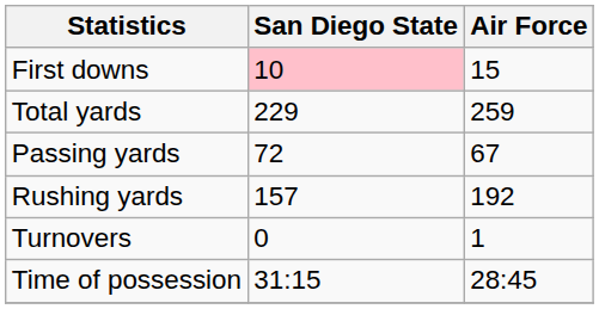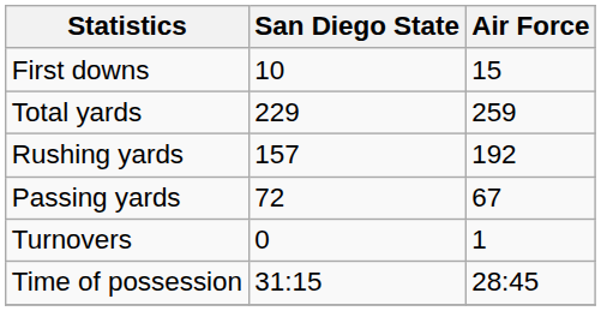 <table class="wikitable">
 <tr>
 <th>Statistics</th>
 <th>San Diego State</th>
 <th>Air Force</th>
 </tr>
 <tr>
 <td>First downs</td>
-<td style="background: pink;">10</td>
+<td>10</td>
 <td>15</td>
 </tr>
 <tr>
 <td>Total yards</td>
 <td>229</td>
 <td>259</td>
 </tr>
 <tr>
+<td>Rushing yards</td>
+<td>157</td>
+<td>192</td>
+</tr>
+<tr>
 <td>Passing yards</td>
 <td>72</td>
 <td>67</td>
-</tr>
-<tr>
-<td>Rushing yards</td>
-<td>157</td>
-<td>192</td>
 </tr>
 <tr>
 <td>Turnovers</td>
 <td>0</td>
 <td>1</td>
 </tr>
 <tr>
 <td>Time of possession</td>
 <td>31:15</td>
 <td>28:45</td>
 </tr>
 <tr>
 </tr>
 </table>
